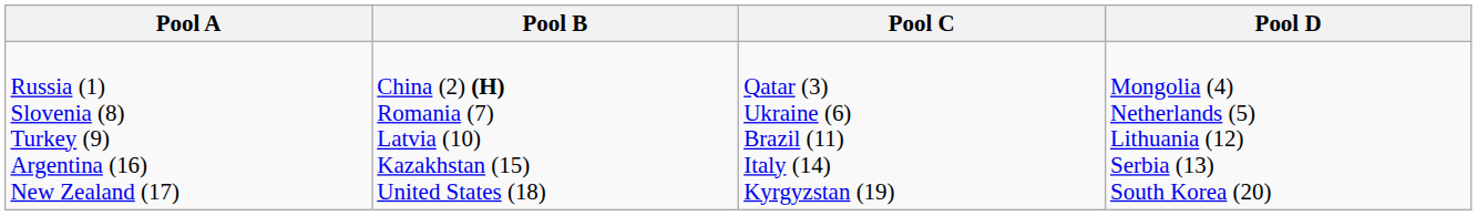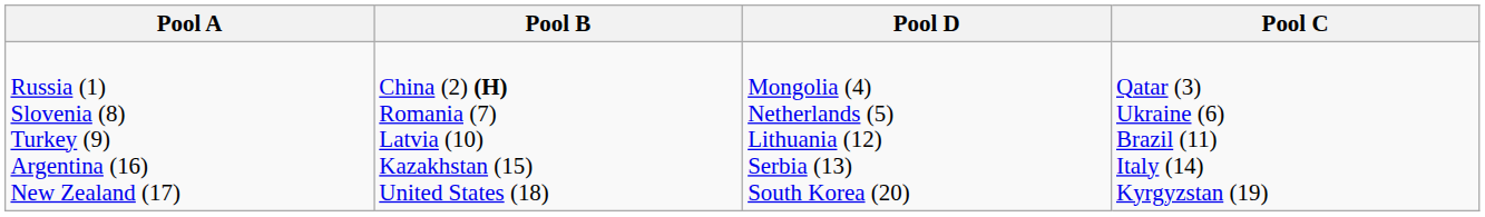 <table class="wikitable" width=80%>
 <tr>
 <th width=25%><strong>Pool A</strong></th>
 <th width=25%><strong>Pool B</strong></th>
+<th width=25%><strong>Pool D</strong></th>
 <th width=25%><strong>Pool C</strong></th>
-<th width=25%><strong>Pool D</strong></th>
 </tr>
 <tr>
 <td><br> <a href='#'>Russia</a> (1) <br>  <a href='#'>Slovenia</a> (8) <br>  <a href='#'>Turkey</a> (9) <br>  <a href='#'>Argentina</a> (16) <br>  <a href='#'>New Zealand</a> (17) <br></td>
 <td><br> <a href='#'>China</a> (2) <strong>(H)</strong> <br>  <a href='#'>Romania</a> (7)<br>   <a href='#'>Latvia</a> (10)<br>   <a href='#'>Kazakhstan</a> (15) <br>  <a href='#'>United States</a> (18) <br></td>
+<td><br> <a href='#'>Mongolia</a> (4) <br>  <a href='#'>Netherlands</a> (5) <br>  <a href='#'>Lithuania</a> (12) <br>  <a href='#'>Serbia</a> (13) <br>  <a href='#'>South Korea</a> (20) <br></td>
 <td><br> <a href='#'>Qatar</a> (3) <br>   <a href='#'>Ukraine</a> (6) <br>   <a href='#'>Brazil</a> (11) <br>   <a href='#'>Italy</a> (14)  <br>  <a href='#'>Kyrgyzstan</a> (19) <br></td>
-<td><br> <a href='#'>Mongolia</a> (4) <br>  <a href='#'>Netherlands</a> (5) <br>  <a href='#'>Lithuania</a> (12) <br>  <a href='#'>Serbia</a> (13) <br>  <a href='#'>South Korea</a> (20) <br></td>
 </tr>
 </table>
